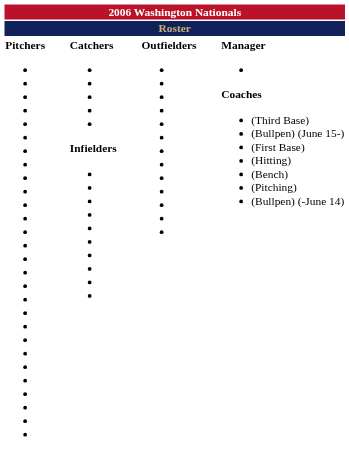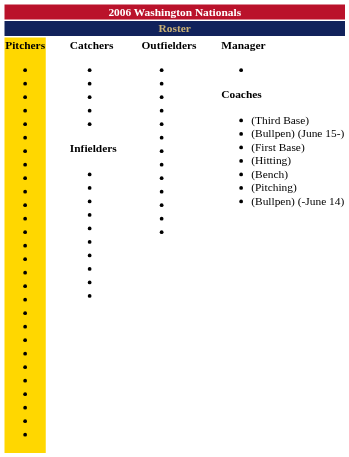 <table class="toccolours" style="font-size: 95%;">
 <tr>
 <th colspan="10" style="background:#ba122b; color:#fff; text-align:center;">2006 Washington Nationals</th>
 </tr>
 <tr>
 <td colspan="10" style="background:#11225b; color:#c9b074; text-align:center;"><strong>Roster</strong></td>
 </tr>
 <tr>
-<td valign="top"><strong>Pitchers</strong><br><ul><li></li><li></li><li></li><li></li><li></li><li></li><li></li><li></li><li></li><li></li><li></li><li></li><li></li><li></li><li></li><li></li><li></li><li></li><li></li><li></li><li></li><li></li><li></li><li></li><li></li><li></li><li></li><li></li></ul></td>
+<td valign="top" style="background: gold;"><strong>Pitchers</strong><br><ul><li></li><li></li><li></li><li></li><li></li><li></li><li></li><li></li><li></li><li></li><li></li><li></li><li></li><li></li><li></li><li></li><li></li><li></li><li></li><li></li><li></li><li></li><li></li><li></li><li></li><li></li><li></li><li></li></ul></td>
 <td style="width:25px;"></td>
 <td valign="top"><strong>Catchers</strong><br><ul><li></li><li></li><li></li><li></li><li></li></ul><strong>Infielders</strong><ul><li></li><li></li><li></li><li></li><li></li><li></li><li></li><li></li><li></li><li></li></ul></td>
 <td style="width:25px;"></td>
 <td valign="top"><strong>Outfielders</strong><br><ul><li></li><li></li><li></li><li></li><li></li><li></li><li></li><li></li><li></li><li></li><li></li><li></li><li></li></ul></td>
 <td style="width:25px;"></td>
 <td valign="top"><strong>Manager</strong><br><ul><li></li></ul><strong>Coaches</strong><ul><li> (Third Base)</li><li> (Bullpen) (June 15-)</li><li> (First Base)</li><li> (Hitting)</li><li> (Bench)</li><li> (Pitching)</li><li> (Bullpen) (-June 14)</li></ul></td>
 </tr>
 </table>
